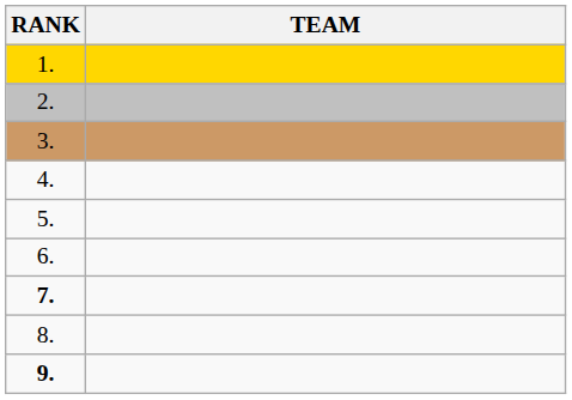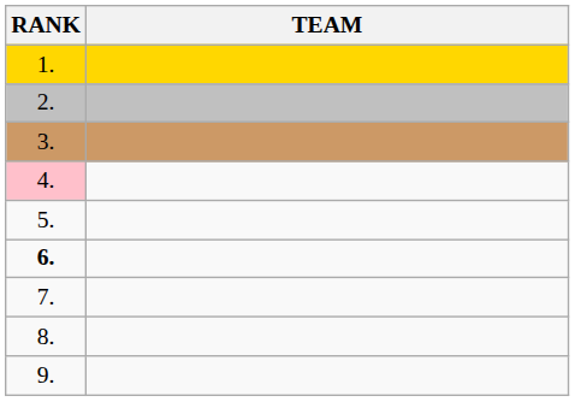 <table class="wikitable" style="border-collapse: collapse; font-size: 90%;">
 <tr>
 <th>RANK</th>
 <th align="center" style="width: 20em">TEAM</th>
 </tr>
 <tr bgcolor=gold>
 <td align="center">1.</td>
 <td></td>
 </tr>
 <tr bgcolor=silver>
 <td align="center">2.</td>
 <td></td>
 </tr>
 <tr bgcolor=#cc9966>
 <td align="center">3.</td>
 <td></td>
 </tr>
 <tr>
-<td align="center">4.</td>
+<td align="center" style="background: pink;">4.</td>
 <td></td>
 </tr>
 <tr>
 <td align="center">5.</td>
 <td></td>
 </tr>
 <tr>
-<td align="center">6.</td>
+<td align="center"><strong>6.</strong></td>
 <td></td>
 </tr>
 <tr>
-<td align="center"><strong>7.</strong></td>
+<td align="center">7.</td>
 <td></td>
 </tr>
 <tr>
 <td align="center">8.</td>
 <td></td>
 </tr>
 <tr>
-<td align="center"><strong>9.</strong></td>
+<td align="center">9.</td>
 <td></td>
 </tr>
 </table>
